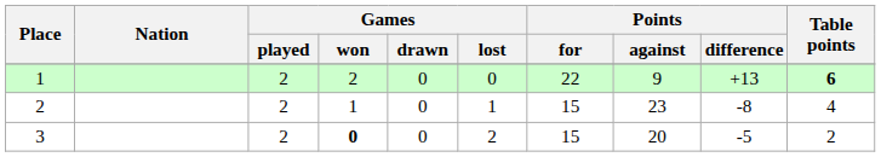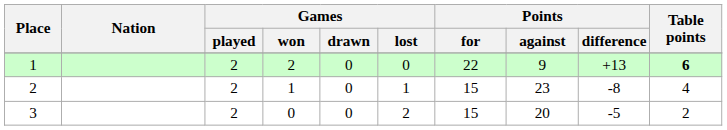 <table class="wikitable">
 <tr>
 <th rowspan=2 width="8%">Place</th>
 <th rowspan=2 width="20%">Nation</th>
 <th colspan=4 width="32%">Games</th>
 <th colspan=3 width="30%">Points</th>
 <th rowspan=2 width="10%">Table<br>points</th>
 </tr>
 <tr>
 <th width="8%">played</th>
 <th width="8%">won</th>
 <th width="8%">drawn</th>
 <th width="8%">lost</th>
 <th width="10%">for</th>
 <th width="10%">against</th>
 <th width="10%">difference</th>
 </tr>
 <tr>
 </tr>
 <tr bgcolor=#ccffcc align=center>
 <td>1</td>
 <td align=left></td>
 <td>2</td>
 <td>2</td>
 <td>0</td>
 <td>0</td>
 <td>22</td>
 <td>9</td>
 <td>+13</td>
 <td><strong>6</strong></td>
 </tr>
 <tr bgcolor=#ffffff align=center>
 <td>2</td>
 <td align=left></td>
 <td>2</td>
 <td>1</td>
 <td>0</td>
 <td>1</td>
 <td>15</td>
 <td>23</td>
 <td>-8</td>
 <td>4</td>
 </tr>
 <tr bgcolor=#ffffff align=center>
 <td>3</td>
 <td align=left></td>
 <td>2</td>
-<td><strong>0</strong></td>
+<td>0</td>
 <td>0</td>
 <td>2</td>
 <td>15</td>
 <td>20</td>
 <td>-5</td>
 <td>2</td>
 </tr>
 </table>
